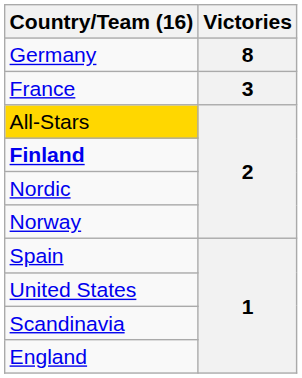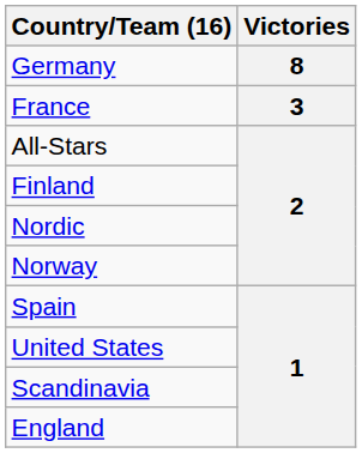 <table class="wikitable" style="font-size:95%">
 <tr>
 <th>Country/Team (16)</th>
 <th>Victories</th>
 </tr>
 <tr>
 <td> <a href='#'>Germany</a></td>
 <th>8</th>
 </tr>
 <tr>
 <td> <a href='#'>France</a></td>
 <th>3</th>
 </tr>
 <tr>
-<td style="background: gold;">All-Stars</td>
+<td>All-Stars</td>
 <th rowspan=4>2</th>
 </tr>
 <tr>
-<td><strong> <a href='#'>Finland</a></strong></td>
+<td> <a href='#'>Finland</a></td>
 </tr>
 <tr>
 <td><a href='#'>Nordic</a></td>
 </tr>
 <tr>
 <td> <a href='#'>Norway</a></td>
 </tr>
 <tr>
 <td> <a href='#'>Spain</a></td>
 <th rowspan=6>1</th>
 </tr>
 <tr>
 <td> <a href='#'>United States</a></td>
 </tr>
 <tr>
 <td><a href='#'>Scandinavia</a></td>
 </tr>
 <tr>
 <td> <a href='#'>England</a></td>
 </tr>
 </table>
